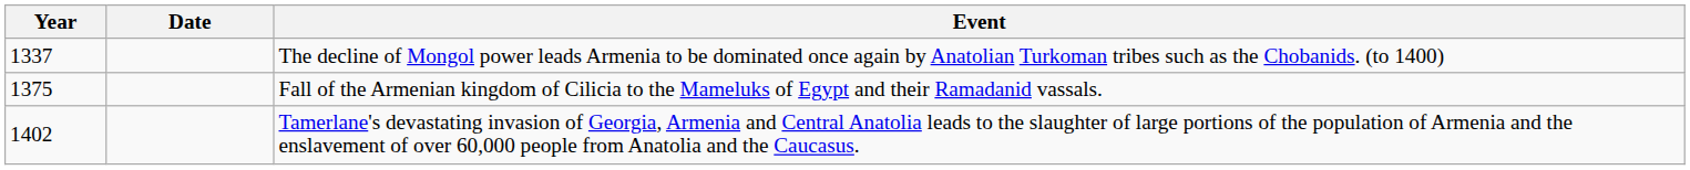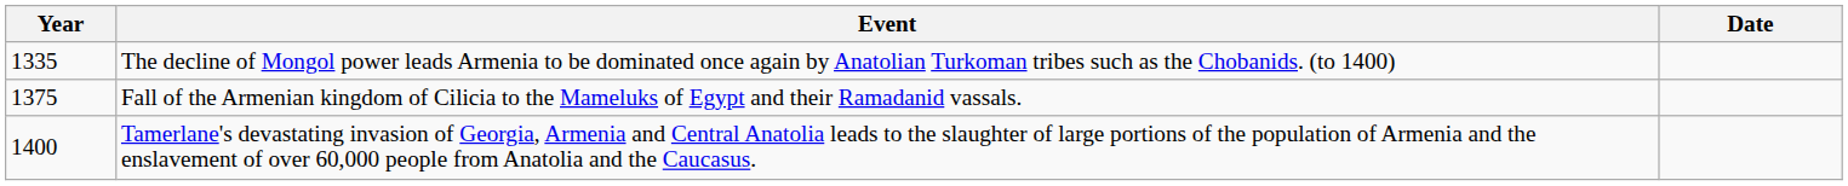 <table class="wikitable" width="100%">
 <tr>
 <th style="width:6%">Year</th>
+<th>Event</th>
 <th style="width:10%">Date</th>
-<th>Event</th>
 </tr>
 <tr>
-<td>1337</td>
+<td>1335</td>
+<td>The decline of <a href='#'>Mongol</a> power leads Armenia to be dominated once again by <a href='#'>Anatolian</a> <a href='#'>Turkoman</a> tribes such as the <a href='#'>Chobanids</a>. (to 1400)</td>
 <td></td>
-<td>The decline of <a href='#'>Mongol</a> power leads Armenia to be dominated once again by <a href='#'>Anatolian</a> <a href='#'>Turkoman</a> tribes such as the <a href='#'>Chobanids</a>. (to 1400)</td>
 </tr>
 <tr>
 <td>1375</td>
+<td>Fall of the Armenian kingdom of Cilicia to the <a href='#'>Mameluks</a> of <a href='#'>Egypt</a> and their <a href='#'>Ramadanid</a> vassals.</td>
 <td></td>
-<td>Fall of the Armenian kingdom of Cilicia to the <a href='#'>Mameluks</a> of <a href='#'>Egypt</a> and their <a href='#'>Ramadanid</a> vassals.</td>
 </tr>
 <tr>
-<td>1402</td>
+<td>1400</td>
+<td><a href='#'>Tamerlane</a>'s devastating invasion of <a href='#'>Georgia</a>, <a href='#'>Armenia</a> and <a href='#'>Central Anatolia</a> leads to the slaughter of large portions of the population of Armenia and the enslavement of over 60,000 people from Anatolia and the <a href='#'>Caucasus</a>.</td>
 <td></td>
-<td><a href='#'>Tamerlane</a>'s devastating invasion of <a href='#'>Georgia</a>, <a href='#'>Armenia</a> and <a href='#'>Central Anatolia</a> leads to the slaughter of large portions of the population of Armenia and the enslavement of over 60,000 people from Anatolia and the <a href='#'>Caucasus</a>.</td>
 </tr>
 </table>
